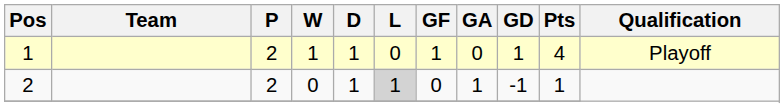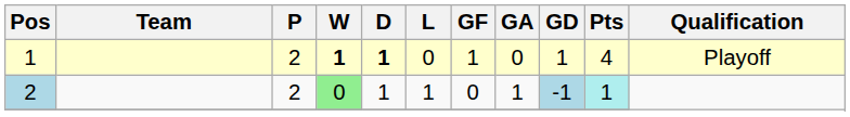 <table class="wikitable" border="1">
 <tr>
 <th width="25"><abbr>Pos</abbr></th>
 <th width="150">Team</th>
 <th width="25">P</th>
 <th width="25">W</th>
 <th width="25">D</th>
 <th width="25">L</th>
 <th width="25"><abbr>GF</abbr></th>
 <th width="25"><abbr>GA</abbr></th>
 <th width="25"><abbr>GD</abbr></th>
 <th width="25"><abbr>Pts</abbr></th>
 <th width="150">Qualification</th>
 </tr>
 <tr bgcolor=ffffcc>
 <td align="center">1</td>
 <td></td>
 <td align="center">2</td>
-<td align="center">1</td>
-<td align="center">1</td>
+<td align="center"><strong>1</strong></td>
+<td align="center"><strong>1</strong></td>
 <td align="center">0</td>
 <td align="center">1</td>
 <td align="center">0</td>
 <td align="center">1</td>
 <td align="center">4</td>
 <td align="center">Playoff</td>
 </tr>
 <tr>
-<td align="center">2</td>
+<td align="center" style="background: lightblue;">2</td>
 <td></td>
 <td align="center">2</td>
+<td align="center" style="background: lightgreen;">0</td>
+<td align="center">1</td>
+<td align="center">1</td>
 <td align="center">0</td>
 <td align="center">1</td>
-<td align="center" style="background: lightgrey;">1</td>
-<td align="center">0</td>
-<td align="center">1</td>
-<td align="center">-1</td>
-<td align="center">1</td>
+<td align="center" style="background: lightblue;">-1</td>
+<td align="center" style="background: paleturquoise;">1</td>
 </tr>
 <tr>
 </tr>
 </table>
